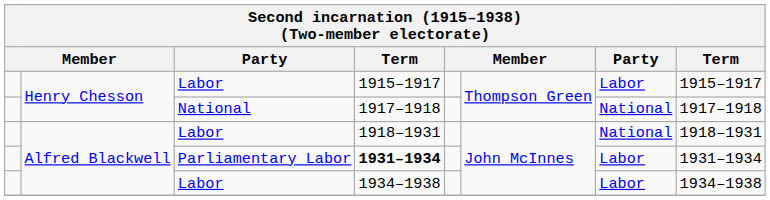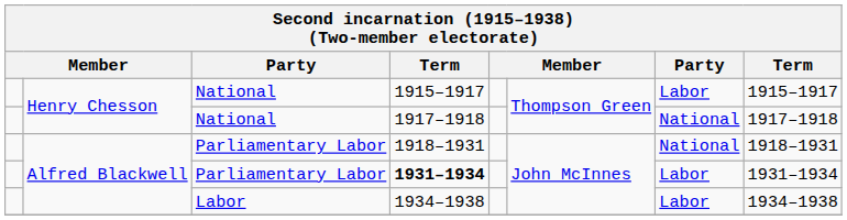 <table class="wikitable">
 <tr>
 <th colspan=8>Second incarnation (1915–1938)<br>(Two-member electorate)</th>
 </tr>
 <tr>
 <th colspan=2>Member</th>
 <th>Party</th>
 <th>Term</th>
 <th colspan=2>Member</th>
 <th>Party</th>
 <th>Term</th>
 </tr>
 <tr>
 <td> </td>
 <td rowspan=2><a href='#'>Henry Chesson</a></td>
-<td><a href='#'>Labor</a></td>
+<td><a href='#'>National</a></td>
 <td>1915–1917</td>
 <td> </td>
 <td rowspan=2><a href='#'>Thompson Green</a></td>
 <td><a href='#'>Labor</a></td>
 <td>1915–1917</td>
 </tr>
 <tr>
 <td> </td>
 <td><a href='#'>National</a></td>
 <td>1917–1918</td>
 <td> </td>
 <td><a href='#'>National</a></td>
 <td>1917–1918</td>
 </tr>
 <tr>
 <td> </td>
 <td rowspan=3><a href='#'>Alfred Blackwell</a></td>
-<td><a href='#'>Labor</a></td>
+<td><a href='#'>Parliamentary Labor</a></td>
 <td>1918–1931</td>
 <td> </td>
 <td rowspan=3><a href='#'>John McInnes</a></td>
 <td><a href='#'>National</a></td>
 <td>1918–1931</td>
 </tr>
 <tr>
 <td> </td>
 <td><a href='#'>Parliamentary Labor</a></td>
 <td><strong>1931–1934</strong></td>
 <td> </td>
 <td><a href='#'>Labor</a></td>
 <td>1931–1934</td>
 </tr>
 <tr>
 <td> </td>
 <td><a href='#'>Labor</a></td>
 <td>1934–1938</td>
 <td> </td>
 <td><a href='#'>Labor</a></td>
 <td>1934–1938</td>
 </tr>
 <tr>
 </tr>
 </table>
